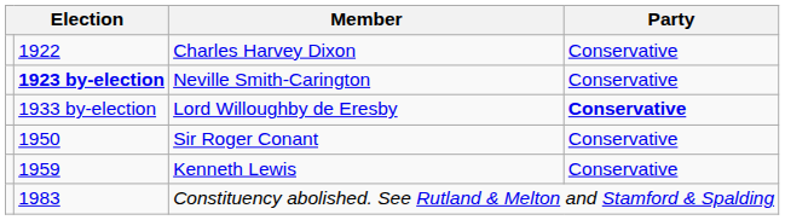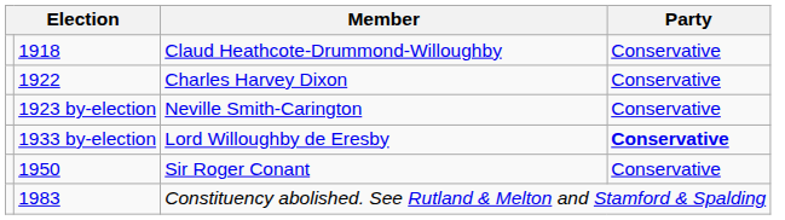 <table class="wikitable">
 <tr>
 <th colspan="2">Election</th>
 <th>Member</th>
 <th>Party</th>
+</tr>
+<tr>
+<td style="color:inherit;background-color: "></td>
+<td><a href='#'>1918</a></td>
+<td><a href='#'>Claud Heathcote-Drummond-Willoughby</a></td>
+<td><a href='#'>Conservative</a></td>
 </tr>
 <tr>
 <td style="color:inherit;background-color: "></td>
 <td><a href='#'>1922</a></td>
 <td><a href='#'>Charles Harvey Dixon</a></td>
 <td><a href='#'>Conservative</a></td>
 </tr>
 <tr>
 <td style="color:inherit;background-color: "></td>
-<td><strong><a href='#'>1923 by-election</a></strong></td>
+<td><a href='#'>1923 by-election</a></td>
 <td><a href='#'>Neville Smith-Carington</a></td>
 <td><a href='#'>Conservative</a></td>
 </tr>
 <tr>
 <td style="color:inherit;background-color: "></td>
 <td><a href='#'>1933 by-election</a></td>
 <td><a href='#'>Lord Willoughby de Eresby</a></td>
 <td><strong><a href='#'>Conservative</a></strong></td>
 </tr>
 <tr>
 <td style="color:inherit;background-color: "></td>
 <td><a href='#'>1950</a></td>
 <td><a href='#'>Sir Roger Conant</a></td>
 <td><a href='#'>Conservative</a></td>
 </tr>
 <tr>
-<td style="color:inherit;background-color: "></td>
-<td><a href='#'>1959</a></td>
-<td><a href='#'>Kenneth Lewis</a></td>
-<td><a href='#'>Conservative</a></td>
-</tr>
-<tr>
 <td></td>
 <td><a href='#'>1983</a></td>
 <td colspan="2"><em>Constituency abolished. See <a href='#'>Rutland & Melton</a> and <a href='#'>Stamford & Spalding</a></em></td>
 </tr>
 </table>
